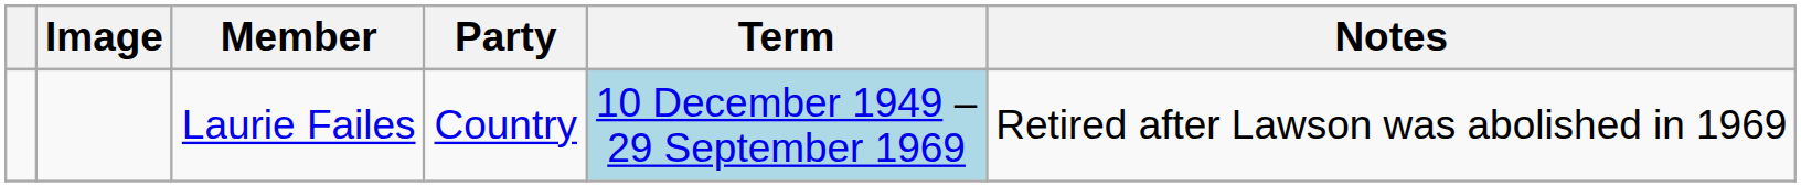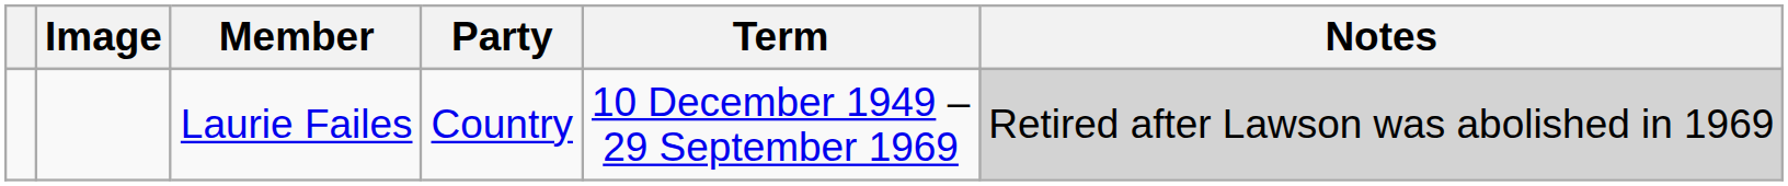 <table class=wikitable style="text-align:center">
 <tr>
 <th></th>
 <th>Image</th>
 <th>Member</th>
 <th>Party</th>
 <th>Term</th>
 <th>Notes</th>
 </tr>
 <tr>
 </tr>
 <tr>
 <td> </td>
 <td></td>
 <td><a href='#'>Laurie Failes</a><br></td>
 <td><a href='#'>Country</a></td>
-<td nowrap style="background: lightblue;"><a href='#'>10 December 1949</a> –<br><a href='#'>29 September 1969</a></td>
-<td>Retired after Lawson was abolished in 1969</td>
+<td nowrap><a href='#'>10 December 1949</a> –<br><a href='#'>29 September 1969</a></td>
+<td style="background: lightgrey;">Retired after Lawson was abolished in 1969</td>
 </tr>
 </table>
